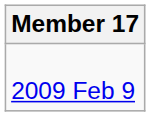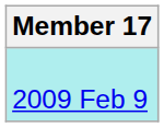 <table class=wikitable align=right>
 <tr>
 <th>Member 17</th>
 </tr>
 <tr>
-<td><br><a href='#'>2009 Feb 9</a></td>
+<td style="background: paleturquoise;"><br><a href='#'>2009 Feb 9</a></td>
 </tr>
 </table>
